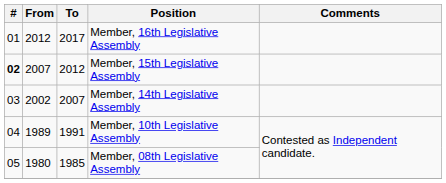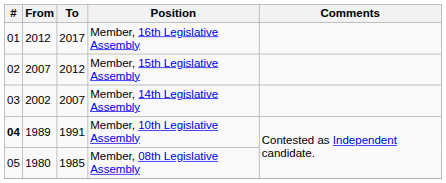 <table class="wikitable sortable">
 <tr>
 <th>#</th>
 <th>From</th>
 <th>To</th>
 <th>Position</th>
 <th>Comments</th>
 </tr>
 <tr>
 <td>01</td>
 <td>2012</td>
 <td>2017</td>
 <td>Member, <a href='#'>16th Legislative Assembly</a></td>
 <td></td>
 </tr>
 <tr>
-<td><strong>02</strong></td>
+<td>02</td>
 <td>2007</td>
 <td>2012</td>
 <td>Member, <a href='#'>15th Legislative Assembly</a></td>
 <td></td>
 </tr>
 <tr>
 <td>03</td>
 <td>2002</td>
 <td>2007</td>
 <td>Member, <a href='#'>14th Legislative Assembly</a></td>
 <td></td>
 </tr>
 <tr>
-<td>04</td>
+<td><strong>04</strong></td>
 <td>1989</td>
 <td>1991</td>
 <td>Member, <a href='#'>10th Legislative Assembly</a></td>
 <td rowspan="2">Contested as <a href='#'>Independent</a> candidate.</td>
 </tr>
 <tr>
 <td>05</td>
 <td>1980</td>
 <td>1985</td>
 <td>Member, <a href='#'>08th Legislative Assembly</a></td>
 </tr>
 <tr>
 </tr>
 </table>
